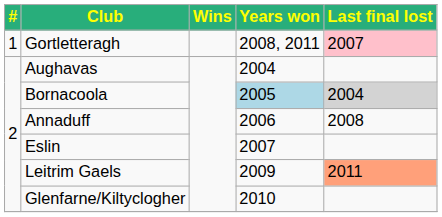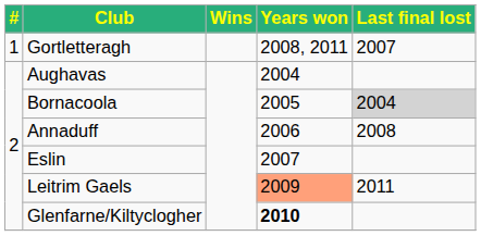 <table class="wikitable">
 <tr>
 <th style="background:#28AE7B;color:yellow">#</th>
 <th style="background:#28AE7B;color:yellow">Club</th>
 <th style="background:#28AE7B;color:yellow">Wins</th>
 <th style="background:#28AE7B;color:yellow">Years won</th>
 <th style="background:#28AE7B;color:yellow">Last final lost</th>
 </tr>
 <tr>
 <td>1</td>
 <td>Gortletteragh</td>
 <td></td>
 <td>2008, 2011</td>
-<td style="background: pink;">2007</td>
+<td>2007</td>
 </tr>
 <tr>
 <td rowspan=6>2</td>
 <td>Aughavas</td>
 <td rowspan=6></td>
 <td>2004</td>
 <td></td>
 </tr>
 <tr>
 <td>Bornacoola</td>
-<td style="background: lightblue;">2005</td>
+<td>2005</td>
 <td style="background: lightgrey;">2004</td>
 </tr>
 <tr>
 <td>Annaduff</td>
 <td>2006</td>
 <td>2008</td>
 </tr>
 <tr>
 <td>Eslin</td>
 <td>2007</td>
 <td></td>
 </tr>
 <tr>
 <td>Leitrim Gaels</td>
-<td>2009</td>
-<td style="background: lightsalmon;">2011</td>
+<td style="background: lightsalmon;">2009</td>
+<td>2011</td>
 </tr>
 <tr>
 <td>Glenfarne/Kiltyclogher</td>
-<td>2010</td>
+<td><strong>2010</strong></td>
 <td></td>
 </tr>
 <tr>
 </tr>
 </table>
